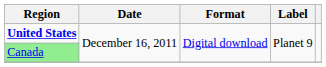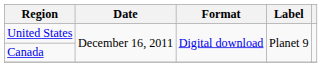 <table class="wikitable">
 <tr>
 <th>Region</th>
 <th>Date</th>
 <th>Format</th>
 <th>Label</th>
 <th></th>
 </tr>
 <tr>
-<td><strong><a href='#'>United States</a></strong></td>
+<td><a href='#'>United States</a></td>
 <td rowspan="2">December 16, 2011</td>
 <td rowspan="2"><a href='#'>Digital download</a></td>
 <td rowspan="2">Planet 9</td>
 <td rowspan="2"></td>
 </tr>
 <tr>
-<td style="background: lightgreen;"><a href='#'>Canada</a></td>
+<td><a href='#'>Canada</a></td>
 </tr>
 <tr>
 </tr>
 </table>
